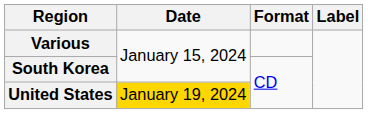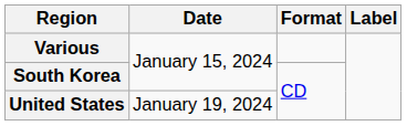 <table class="wikitable plainrowheaders">
 <tr>
 <th scope="col">Region</th>
 <th scope="col">Date</th>
 <th scope="col">Format</th>
 <th scope="col">Label</th>
 </tr>
 <tr>
 <th scope="row">Various</th>
 <td rowspan="2">January 15, 2024</td>
 <td></td>
 <td rowspan="3"></td>
 </tr>
 <tr>
 <th scope="row">South Korea</th>
 <td rowspan="2"><a href='#'>CD</a></td>
 </tr>
 <tr>
 <th scope="row">United States</th>
-<td style="background: gold;">January 19, 2024</td>
+<td>January 19, 2024</td>
 </tr>
 </table>
